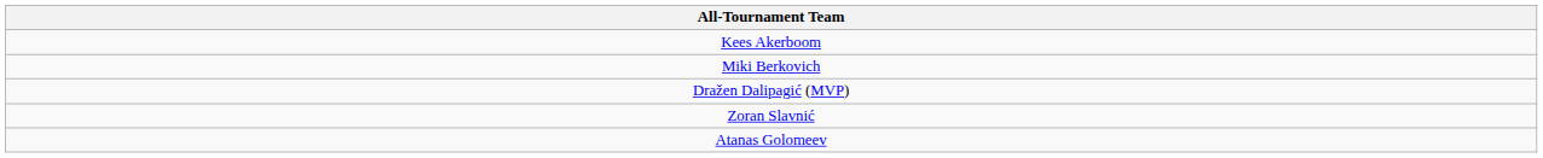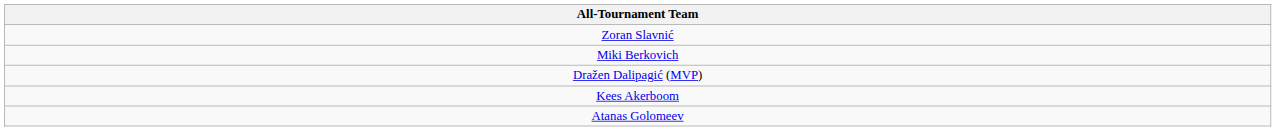 <table | class="wikitable sortable" style="text-align:center; width: 100%;">
 <tr>
 <th>All-Tournament Team</th>
 </tr>
 <tr>
-<td> <a href='#'>Kees Akerboom</a></td>
+<td> <a href='#'>Zoran Slavnić</a></td>
 </tr>
 <tr>
 <td> <a href='#'>Miki Berkovich</a></td>
 </tr>
 <tr>
 <td> <a href='#'>Dražen Dalipagić</a> (<a href='#'>MVP</a>)</td>
 </tr>
 <tr>
-<td> <a href='#'>Zoran Slavnić</a></td>
+<td> <a href='#'>Kees Akerboom</a></td>
 </tr>
 <tr>
 <td> <a href='#'>Atanas Golomeev</a></td>
 </tr>
 </table>
